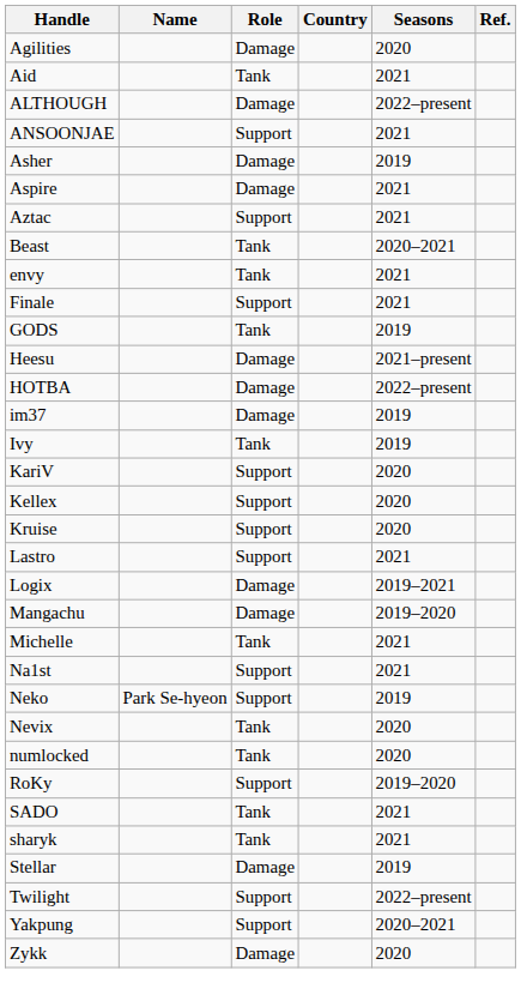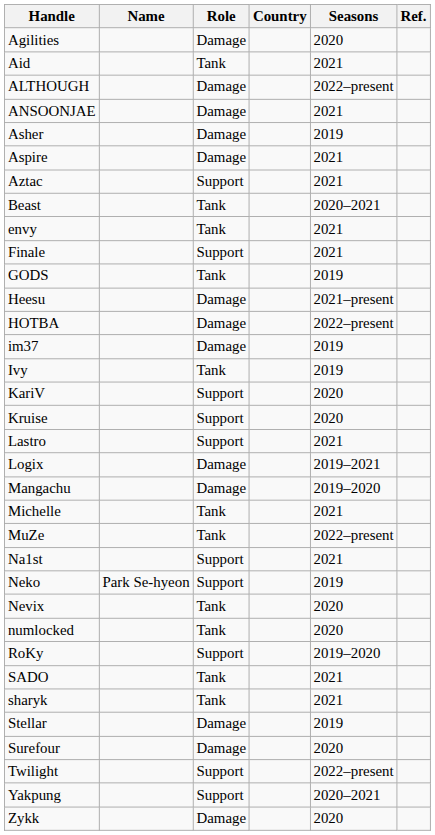 <table class="wikitable sortable" style="text-align:left;">
 <tr>
 <th style="background-color:#">Handle</th>
 <th style="background-color:#">Name</th>
 <th style="background-color:#">Role</th>
 <th style="background-color:#">Country</th>
 <th style="background-color:#">Seasons</th>
 <th style="background-color:#">Ref.</th>
 </tr>
 <tr>
 <td>Agilities</td>
 <td></td>
 <td>Damage</td>
 <td></td>
 <td>2020</td>
 <td></td>
 </tr>
 <tr>
 <td>Aid</td>
 <td></td>
 <td>Tank</td>
 <td></td>
 <td>2021</td>
 <td></td>
 </tr>
 <tr>
 <td>ALTHOUGH</td>
 <td></td>
 <td>Damage</td>
 <td></td>
 <td>2022–present</td>
 <td></td>
 </tr>
 <tr>
 <td>ANSOONJAE</td>
 <td></td>
-<td>Support</td>
+<td>Damage</td>
 <td></td>
 <td>2021</td>
 <td></td>
 </tr>
 <tr>
 <td>Asher</td>
 <td></td>
 <td>Damage</td>
 <td></td>
 <td>2019</td>
 <td></td>
 </tr>
 <tr>
 <td>Aspire</td>
 <td></td>
 <td>Damage</td>
 <td></td>
 <td>2021</td>
 <td></td>
 </tr>
 <tr>
 <td>Aztac</td>
 <td></td>
 <td>Support</td>
 <td></td>
 <td>2021</td>
 <td></td>
 </tr>
 <tr>
 <td>Beast</td>
 <td></td>
 <td>Tank</td>
 <td></td>
 <td>2020–2021</td>
 <td></td>
 </tr>
 <tr>
 <td>envy</td>
 <td></td>
 <td>Tank</td>
 <td></td>
 <td>2021</td>
 <td></td>
 </tr>
 <tr>
 <td>Finale</td>
 <td></td>
 <td>Support</td>
 <td></td>
 <td>2021</td>
 <td></td>
 </tr>
 <tr>
 <td>GODS</td>
 <td></td>
 <td>Tank</td>
 <td></td>
 <td>2019</td>
 <td></td>
 </tr>
 <tr>
 <td>Heesu</td>
 <td></td>
 <td>Damage</td>
 <td></td>
 <td>2021–present</td>
 <td></td>
 </tr>
 <tr>
 <td>HOTBA</td>
 <td></td>
 <td>Damage</td>
 <td></td>
 <td>2022–present</td>
 <td></td>
 </tr>
 <tr>
 <td>im37</td>
 <td></td>
 <td>Damage</td>
 <td></td>
 <td>2019</td>
 <td></td>
 </tr>
 <tr>
 <td>Ivy</td>
 <td></td>
 <td>Tank</td>
 <td></td>
 <td>2019</td>
 <td></td>
 </tr>
 <tr>
 <td>KariV</td>
 <td></td>
 <td>Support</td>
 <td></td>
 <td>2020</td>
 <td></td>
 </tr>
 <tr>
-<td>Kellex</td>
-<td></td>
-<td>Support</td>
-<td></td>
-<td>2020</td>
-<td></td>
-</tr>
-<tr>
 <td>Kruise</td>
 <td></td>
 <td>Support</td>
 <td></td>
 <td>2020</td>
 <td></td>
 </tr>
 <tr>
 <td>Lastro</td>
 <td></td>
 <td>Support</td>
 <td></td>
 <td>2021</td>
 <td></td>
 </tr>
 <tr>
 <td>Logix</td>
 <td></td>
 <td>Damage</td>
 <td></td>
 <td>2019–2021</td>
 <td></td>
 </tr>
 <tr>
 <td>Mangachu</td>
 <td></td>
 <td>Damage</td>
 <td></td>
 <td>2019–2020</td>
 <td></td>
 </tr>
 <tr>
 <td>Michelle</td>
 <td></td>
 <td>Tank</td>
 <td></td>
 <td>2021</td>
+<td></td>
+</tr>
+<tr>
+<td>MuZe</td>
+<td></td>
+<td>Tank</td>
+<td></td>
+<td>2022–present</td>
 <td></td>
 </tr>
 <tr>
 <td>Na1st</td>
 <td></td>
 <td>Support</td>
 <td></td>
 <td>2021</td>
 <td></td>
 </tr>
 <tr>
 <td>Neko</td>
 <td>Park Se-hyeon</td>
 <td>Support</td>
 <td></td>
 <td>2019</td>
 <td></td>
 </tr>
 <tr>
 <td>Nevix</td>
 <td></td>
 <td>Tank</td>
 <td></td>
 <td>2020</td>
 <td></td>
 </tr>
 <tr>
 <td>numlocked</td>
 <td></td>
 <td>Tank</td>
 <td></td>
 <td>2020</td>
 <td></td>
 </tr>
 <tr>
 <td>RoKy</td>
 <td></td>
 <td>Support</td>
 <td></td>
 <td>2019–2020</td>
 <td></td>
 </tr>
 <tr>
 <td>SADO</td>
 <td></td>
 <td>Tank</td>
 <td></td>
 <td>2021</td>
 <td></td>
 </tr>
 <tr>
 <td>sharyk</td>
 <td></td>
 <td>Tank</td>
 <td></td>
 <td>2021</td>
 <td></td>
 </tr>
 <tr>
 <td>Stellar</td>
 <td></td>
 <td>Damage</td>
 <td></td>
 <td>2019</td>
 <td></td>
 </tr>
 <tr>
+<td>Surefour</td>
+<td></td>
+<td>Damage</td>
+<td></td>
+<td>2020</td>
+<td></td>
+</tr>
+<tr>
 <td>Twilight</td>
 <td></td>
 <td>Support</td>
 <td></td>
 <td>2022–present</td>
 <td></td>
 </tr>
 <tr>
 <td>Yakpung</td>
 <td></td>
 <td>Support</td>
 <td></td>
 <td>2020–2021</td>
 <td></td>
 </tr>
 <tr>
 <td>Zykk</td>
 <td></td>
 <td>Damage</td>
 <td></td>
 <td>2020</td>
 <td></td>
 </tr>
 </table>
